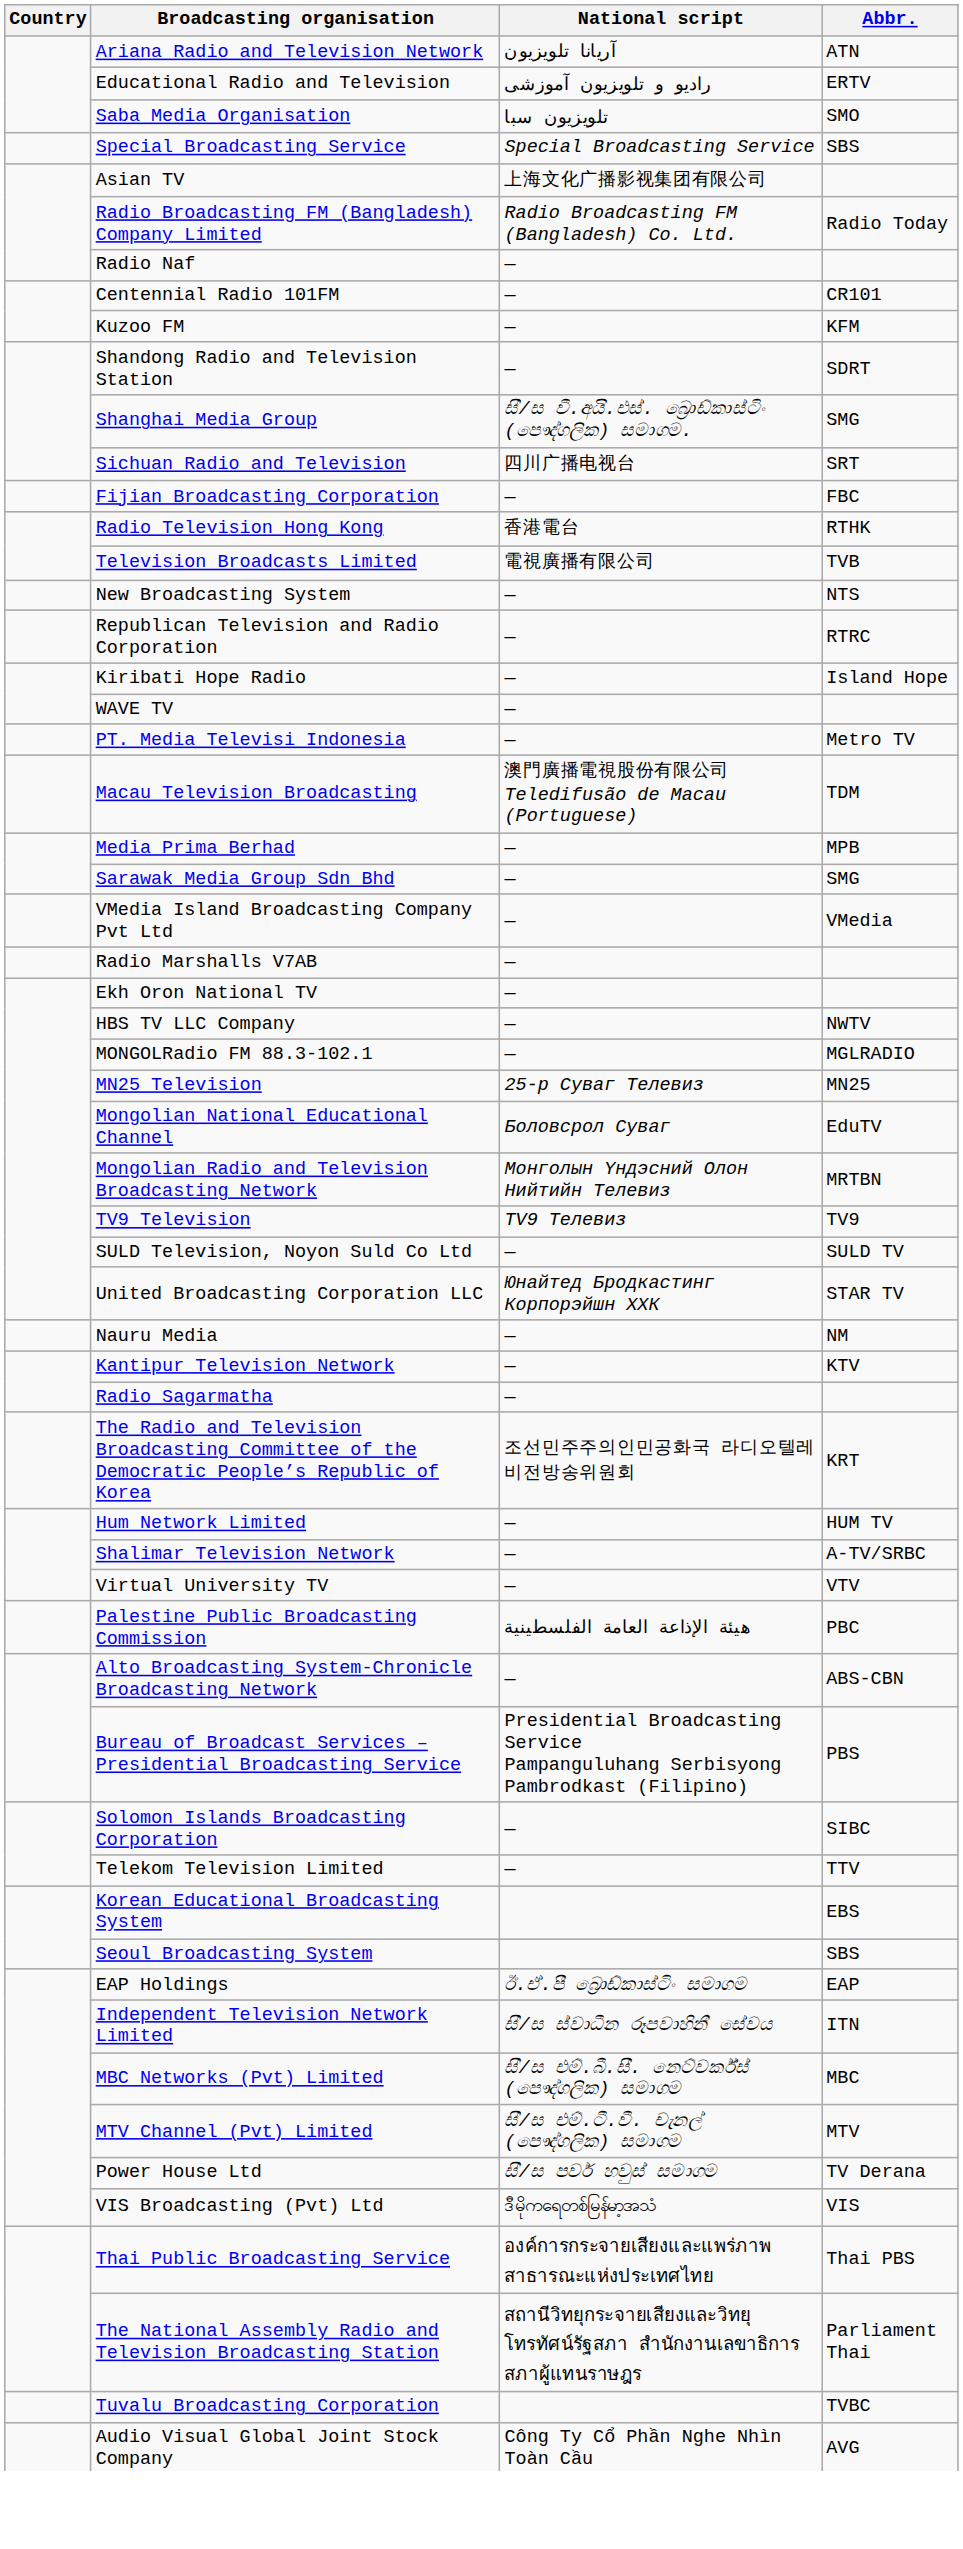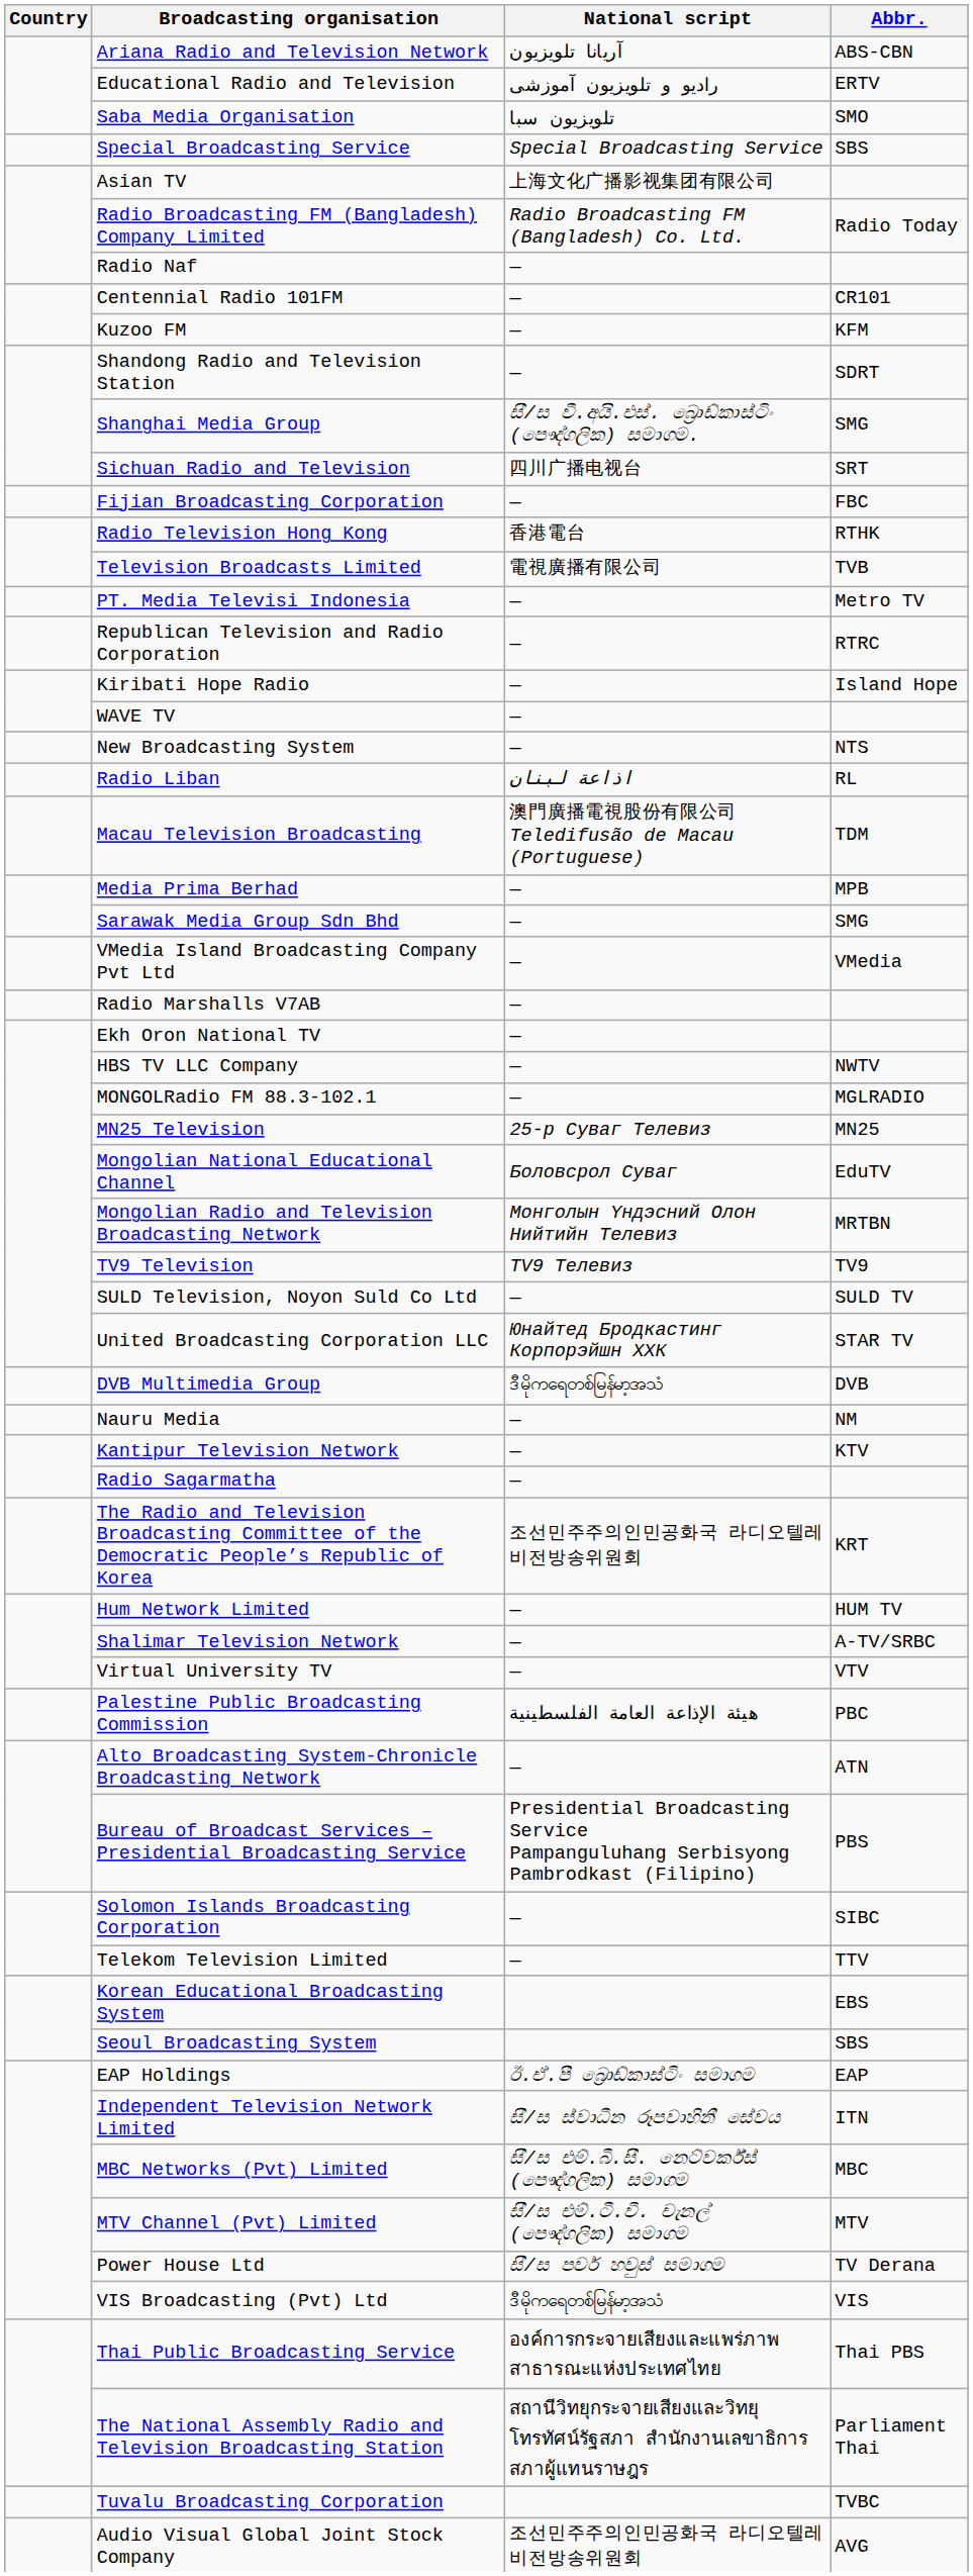 <table class="wikitable sortable" style="font-size:91%;">
 <tr>
 <th>Country</th>
 <th>Broadcasting organisation</th>
 <th>National script</th>
 <th><a href='#'>Abbr.</a></th>
 </tr>
 <tr>
 <td rowspan="3"></td>
 <td><a href='#'>Ariana Radio and Television Network</a></td>
 <td>آريانا تلويزيون</td>
-<td>ATN</td>
+<td>ABS-CBN</td>
 </tr>
 <tr>
 <td>Educational Radio and Television</td>
 <td>رادیو و تلویزیون آموزشی</td>
 <td>ERTV</td>
 </tr>
 <tr>
 <td><a href='#'>Saba Media Organisation</a></td>
 <td>تلویزیون سبا</td>
 <td>SMO</td>
 </tr>
 <tr>
 <td></td>
 <td><a href='#'>Special Broadcasting Service</a></td>
 <td><em>Special Broadcasting Service</em></td>
 <td>SBS</td>
 </tr>
 <tr>
 <td rowspan="3"></td>
 <td>Asian TV</td>
 <td>上海文化广播影视集团有限公司</td>
 <td></td>
 </tr>
 <tr>
 <td><a href='#'>Radio Broadcasting FM (Bangladesh) Company Limited</a></td>
 <td><em>Radio Broadcasting FM (Bangladesh) Co. Ltd.</em></td>
 <td>Radio Today</td>
 </tr>
 <tr>
 <td>Radio Naf</td>
 <td>—</td>
 <td></td>
 </tr>
 <tr>
 <td rowspan="2"></td>
 <td>Centennial Radio 101FM</td>
 <td>—</td>
 <td>CR101</td>
 </tr>
 <tr>
 <td>Kuzoo FM</td>
 <td>—</td>
 <td>KFM</td>
 </tr>
 <tr>
 <td rowspan="3"></td>
 <td>Shandong Radio and Television Station</td>
 <td>—</td>
 <td>SDRT</td>
 </tr>
 <tr>
 <td><a href='#'>Shanghai Media Group</a></td>
 <td><em>සී/ස වී.අයි.එස්. බ්‍රොඩ්කාස්ටිං (පෞද්ගලික) සමාගම.</em></td>
 <td>SMG</td>
 </tr>
 <tr>
 <td><a href='#'>Sichuan Radio and Television</a></td>
 <td>四川广播电视台</td>
 <td>SRT</td>
 </tr>
 <tr>
 <td></td>
 <td><a href='#'>Fijian Broadcasting Corporation</a></td>
 <td>—</td>
 <td>FBC</td>
 </tr>
 <tr>
 <td rowspan="2"></td>
 <td><a href='#'>Radio Television Hong Kong</a></td>
 <td>香港電台</td>
 <td>RTHK</td>
 </tr>
 <tr>
 <td><a href='#'>Television Broadcasts Limited</a></td>
 <td>電視廣播有限公司</td>
 <td>TVB</td>
 </tr>
 <tr>
 <td></td>
-<td>New Broadcasting System</td>
+<td><a href='#'>PT. Media Televisi Indonesia</a></td>
 <td>—</td>
-<td>NTS</td>
+<td>Metro TV</td>
 </tr>
 <tr>
 <td></td>
 <td>Republican Television and Radio Corporation</td>
 <td>—</td>
 <td>RTRC</td>
 </tr>
 <tr>
 <td rowspan="2"></td>
 <td>Kiribati Hope Radio</td>
 <td>—</td>
 <td>Island Hope</td>
 </tr>
 <tr>
 <td>WAVE TV</td>
 <td>—</td>
 <td></td>
 </tr>
 <tr>
 <td></td>
-<td><a href='#'>PT. Media Televisi Indonesia</a></td>
+<td>New Broadcasting System</td>
 <td>—</td>
-<td>Metro TV</td>
+<td>NTS</td>
+</tr>
+<tr>
+<td></td>
+<td><a href='#'>Radio Liban</a></td>
+<td><em>اذاعة لبنان</em></td>
+<td>RL</td>
 </tr>
 <tr>
 <td></td>
 <td><a href='#'>Macau Television Broadcasting</a></td>
 <td>澳門廣播電視股份有限公司<br><em>Teledifusão de Macau (Portuguese)</em></td>
 <td>TDM</td>
 </tr>
 <tr>
 <td rowspan="2"></td>
 <td><a href='#'>Media Prima Berhad</a></td>
 <td>—</td>
 <td>MPB</td>
 </tr>
 <tr>
 <td><a href='#'>Sarawak Media Group Sdn Bhd</a></td>
 <td>—</td>
 <td>SMG</td>
 </tr>
 <tr>
 <td></td>
 <td>VMedia Island Broadcasting Company Pvt Ltd</td>
 <td>—</td>
 <td>VMedia</td>
 </tr>
 <tr>
 <td></td>
 <td>Radio Marshalls V7AB</td>
 <td>—</td>
 <td></td>
 </tr>
 <tr>
 <td rowspan="9"></td>
 <td>Ekh Oron National TV</td>
 <td>—</td>
 <td></td>
 </tr>
 <tr>
 <td>HBS TV LLC Company</td>
 <td>—</td>
 <td>NWTV</td>
 </tr>
 <tr>
 <td>MONGOLRadio FM 88.3-102.1</td>
 <td>—</td>
 <td>MGLRADIO</td>
 </tr>
 <tr>
 <td><a href='#'>MN25 Television</a></td>
 <td><em>25-р Суваг Телевиз</em></td>
 <td>MN25</td>
 </tr>
 <tr>
 <td><a href='#'>Mongolian National Educational Channel</a></td>
 <td><em>Боловсрол Суваг</em></td>
 <td>EduTV</td>
 </tr>
 <tr>
 <td><a href='#'>Mongolian Radio and Television Broadcasting Network</a></td>
 <td><em>Монголын Үндэсний Олон Нийтийн Телевиз</em></td>
 <td>MRTBN</td>
 </tr>
 <tr>
 <td><a href='#'>TV9 Television</a></td>
 <td><em>TV9 Телевиз</em></td>
 <td>TV9</td>
 </tr>
 <tr>
 <td>SULD Television, Noyon Suld Co Ltd</td>
 <td>—</td>
 <td>SULD TV</td>
 </tr>
 <tr>
 <td>United Broadcasting Corporation LLC</td>
 <td><em>Юнайтед Бродкастинг Корпорэйшн ХХК</em></td>
 <td>STAR TV</td>
 </tr>
 <tr>
 <td></td>
+<td><a href='#'>DVB Multimedia Group</a></td>
+<td>ဒီမိုကရေတစ်မြန်မာ့အသံ</td>
+<td>DVB</td>
+</tr>
+<tr>
+<td></td>
 <td>Nauru Media</td>
 <td>—</td>
 <td>NM</td>
 </tr>
 <tr>
 <td rowspan="2"></td>
 <td><a href='#'>Kantipur Television Network</a></td>
 <td>—</td>
 <td>KTV</td>
 </tr>
 <tr>
 <td><a href='#'>Radio Sagarmatha</a></td>
 <td>—</td>
 <td></td>
 </tr>
 <tr>
 <td></td>
 <td><a href='#'>The Radio and Television Broadcasting Committee of the Democratic People’s Republic of Korea</a></td>
 <td>조선민주주의인민공화국 라디오텔레비전방송위원회</td>
 <td>KRT</td>
 </tr>
 <tr>
 <td rowspan="3"></td>
 <td><a href='#'>Hum Network Limited</a></td>
 <td>—</td>
 <td>HUM TV</td>
 </tr>
 <tr>
 <td><a href='#'>Shalimar Television Network</a></td>
 <td>—</td>
 <td>A-TV/SRBC</td>
 </tr>
 <tr>
 <td>Virtual University TV</td>
 <td>—</td>
 <td>VTV</td>
 </tr>
 <tr>
 <td></td>
 <td><a href='#'>Palestine Public Broadcasting Commission</a></td>
 <td>هيئة الإذاعة العامة الفلسطينية</td>
 <td>PBC</td>
 </tr>
 <tr>
 <td rowspan="2"></td>
 <td><a href='#'>Alto Broadcasting System-Chronicle Broadcasting Network</a></td>
 <td>—</td>
-<td>ABS-CBN</td>
+<td>ATN</td>
 </tr>
 <tr>
 <td><a href='#'>Bureau of Broadcast Services – Presidential Broadcasting Service</a></td>
 <td>Presidential Broadcasting Service<br>Pampanguluhang Serbisyong Pambrodkast (Filipino)</td>
 <td>PBS</td>
 </tr>
 <tr>
 <td rowspan="2"></td>
 <td><a href='#'>Solomon Islands Broadcasting Corporation</a></td>
 <td>—</td>
 <td>SIBC</td>
 </tr>
 <tr>
 <td>Telekom Television Limited</td>
 <td>—</td>
 <td>TTV</td>
 </tr>
 <tr>
 <td rowspan="2"></td>
 <td><a href='#'>Korean Educational Broadcasting System</a></td>
 <td></td>
 <td>EBS</td>
 </tr>
 <tr>
 <td><a href='#'>Seoul Broadcasting System</a></td>
 <td></td>
 <td>SBS</td>
 </tr>
 <tr>
 <td rowspan="6"></td>
 <td>EAP Holdings</td>
 <td><em>ඊ.ඒ.පී බ්‍රොඩ්කාස්ටිං සමාගම</em></td>
 <td>EAP</td>
 </tr>
 <tr>
 <td><a href='#'>Independent Television Network Limited</a></td>
 <td><em>සී/ස ස්වාධීන රූපවාහිනී සේවය</em></td>
 <td>ITN</td>
 </tr>
 <tr>
 <td><a href='#'>MBC Networks (Pvt) Limited</a></td>
 <td><em>සී/ස එම්.බී.සී.  නෙට්වර්ක්ස් (පෞද්ගලික) සමාගම</em></td>
 <td>MBC</td>
 </tr>
 <tr>
 <td><a href='#'>MTV Channel (Pvt) Limited</a></td>
 <td><em>සී/ස එම්.ටී.වී. චැනල් (පෞද්ගලික) සමාගම</em></td>
 <td>MTV</td>
 </tr>
 <tr>
 <td>Power House Ltd</td>
 <td><em>සී/ස පවර් හවුස් සමාගම</em></td>
 <td>TV Derana</td>
 </tr>
 <tr>
 <td>VIS Broadcasting (Pvt) Ltd</td>
 <td>ဒီမိုကရေတစ်မြန်မာ့အသံ</td>
 <td>VIS</td>
 </tr>
 <tr>
 <td rowspan="2"></td>
 <td><a href='#'>Thai Public Broadcasting Service</a></td>
 <td>องค์การกระจายเสียงและแพร่ภาพสาธารณะแห่งประเทศไทย</td>
 <td>Thai PBS</td>
 </tr>
 <tr>
 <td><a href='#'>The National Assembly Radio and Television Broadcasting Station</a></td>
 <td>สถานีวิทยุกระจายเสียงและวิทยุโทรทัศน์รัฐสภา สำนักงานเลขาธิการสภาผู้แทนราษฎร</td>
 <td>Parliament Thai</td>
 </tr>
 <tr>
 <td></td>
 <td><a href='#'>Tuvalu Broadcasting Corporation</a></td>
 <td></td>
 <td>TVBC</td>
 </tr>
 <tr>
 <td rowspan="2"></td>
 <td>Audio Visual Global Joint Stock Company</td>
-<td>Công Ty Cổ Phần Nghe Nhìn Toàn Cầu</td>
+<td>조선민주주의인민공화국 라디오텔레비전방송위원회</td>
 <td>AVG</td>
 </tr>
 <tr>
 </tr>
 <tr>
 </tr>
 </table>
